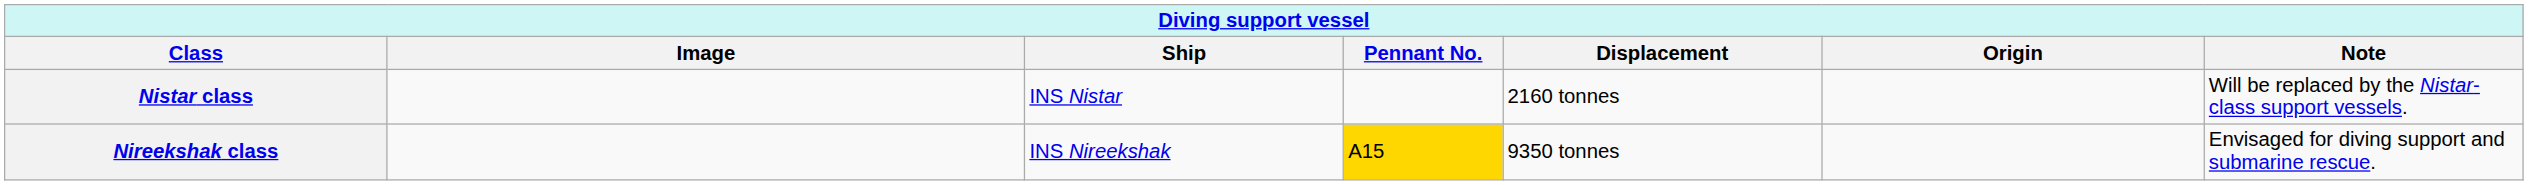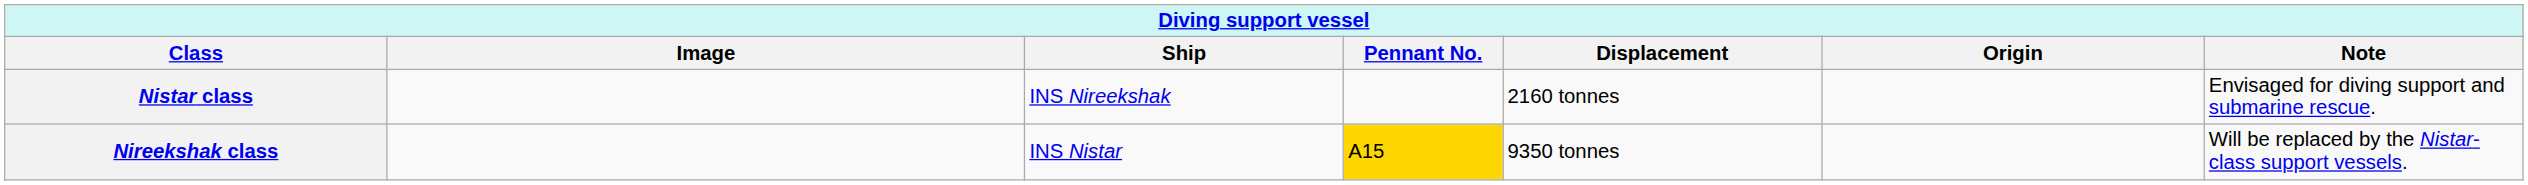 <table class="wikitable" style="margin:auto; width:100%;">
 <tr>
 <th colspan="7" style="align: center; background: #CEF6F5;"><a href='#'>Diving support vessel</a></th>
 </tr>
 <tr>
 <th style="text-align:center; width:12%;"><a href='#'>Class</a></th>
 <th style="text-align:center; width:20%;">Image</th>
 <th style="text-align:center; width:10%;">Ship</th>
 <th style="text-align:center; width:5%;"><a href='#'>Pennant No.</a></th>
 <th style="text-align:center; width:10%;">Displacement</th>
 <th style="text-align:center; width:12%;">Origin</th>
 <th style="text-align:center; width:10%;">Note</th>
 </tr>
 <tr>
 <th rowspan="1"><a href='#'><em>Nistar</em> class</a></th>
 <td rowspan="1"></td>
-<td><a href='#'>INS <em>Nistar</em></a></td>
+<td><a href='#'>INS <em>Nireekshak</em></a></td>
 <td></td>
 <td rowspan="1">2160 tonnes</td>
 <td rowspan="1"></td>
-<td rowspan="1">Will be replaced by the <a href='#'><em>Nistar</em>-class support vessels</a>.</td>
+<td rowspan="1">Envisaged for diving support and <a href='#'>submarine rescue</a>.</td>
 </tr>
 <tr>
 <th rowspan="1"><a href='#'><em>Nireekshak</em> class</a></th>
 <td rowspan="1"></td>
-<td><a href='#'>INS <em>Nireekshak</em></a></td>
+<td><a href='#'>INS <em>Nistar</em></a></td>
 <td style="background: gold;">A15</td>
 <td rowspan="1">9350 tonnes</td>
 <td rowspan="1"></td>
-<td rowspan="1">Envisaged for diving support and <a href='#'>submarine rescue</a>.</td>
+<td rowspan="1">Will be replaced by the <a href='#'><em>Nistar</em>-class support vessels</a>.</td>
 </tr>
 </table>
